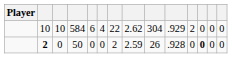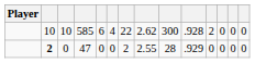 <table class="wikitable sortable" style="text-align:center;">
 <tr style="text-align:center; background:#ddd;">
 <th>Player</th>
 <th></th>
 <th></th>
 <th></th>
 <th></th>
 <th></th>
 <th></th>
 <th></th>
 <th></th>
 <th></th>
 <th></th>
 <th></th>
 <th></th>
 <th></th>
 </tr>
 <tr align=center>
 <td></td>
 <td>10</td>
 <td>10</td>
-<td>584</td>
+<td>585</td>
 <td>6</td>
 <td>4</td>
 <td>22</td>
 <td>2.62</td>
-<td>304</td>
-<td>.929</td>
+<td>300</td>
+<td>.928</td>
 <td>2</td>
 <td>0</td>
 <td>0</td>
 <td>0</td>
 </tr>
 <tr align=center>
 <td></td>
 <td><strong>2</strong></td>
 <td>0</td>
-<td>50</td>
+<td>47</td>
 <td>0</td>
 <td>0</td>
 <td>2</td>
-<td>2.59</td>
-<td>26</td>
-<td>.928</td>
+<td>2.55</td>
+<td>28</td>
+<td>.929</td>
 <td>0</td>
-<td><strong>0</strong></td>
+<td>0</td>
 <td>0</td>
 <td>0</td>
 </tr>
 </table>
